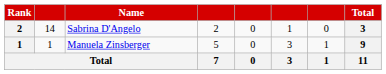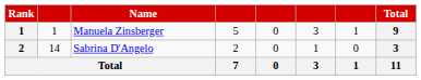 <table class="wikitable sortable" style="text-align:center; font-size:100%; ">
 <tr>
 <th style="background:#d50000; color:white; text-align:center; width:40px">Rank</th>
 <th style="background:#d50000; color:white; text-align:center; width:40px"></th>
 <th style="background:#d50000; color:white; text-align:center; width:200px">Name</th>
 <th style="background:#d50000; color:white; text-align:center; width:50px;"><a href='#'></a></th>
 <th style="background:#d50000; color:white; text-align:center; width:50px;"><a href='#'></a></th>
 <th style="background:#d50000; color:white; text-align:center; width:50px;"><a href='#'></a></th>
 <th style="background:#d50000; color:white; text-align:center; width:50px;"><a href='#'></a></th>
 <th style="background:#d50000; color:white; text-align:center; width:50px;">Total</th>
 </tr>
 <tr>
+<th>1</th>
+<td>1</td>
+<td align="left"> <a href='#'>Manuela Zinsberger</a></td>
+<td>5</td>
+<td>0</td>
+<td>3</td>
+<td>1</td>
+<th>9</th>
+</tr>
+<tr>
 <th>2</th>
 <td>14</td>
 <td align="left"> <a href='#'>Sabrina D'Angelo</a></td>
 <td>2</td>
 <td>0</td>
 <td>1</td>
 <td>0</td>
 <th>3</th>
 </tr>
 <tr>
-<th>1</th>
-<td>1</td>
-<td align="left"> <a href='#'>Manuela Zinsberger</a></td>
-<td>5</td>
-<td>0</td>
-<td>3</td>
-<td>1</td>
-<th>9</th>
-</tr>
-<tr>
 <th colspan="3">Total</th>
 <th>7</th>
 <th>0</th>
 <th>3</th>
 <th>1</th>
 <th>11</th>
 </tr>
 </table>
